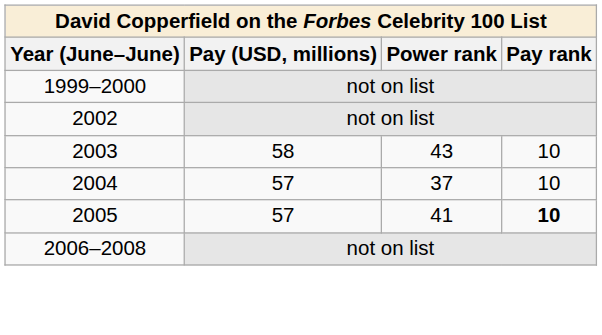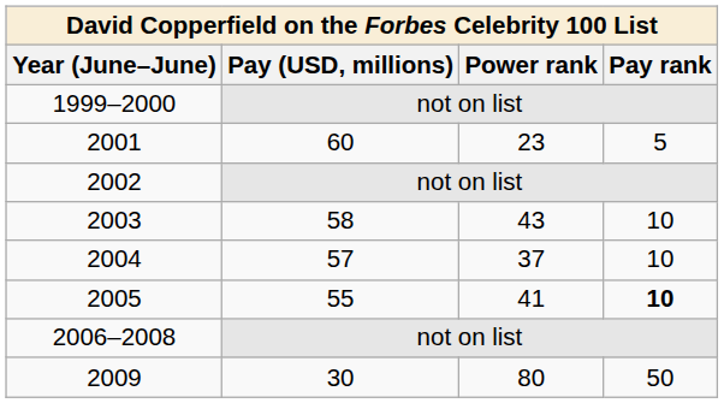 <table class="wikitable" style="float:right; font-family:sans-serif; margin-left:40px;">
 <tr>
 <th colspan=4 style="background:#f9eed7">David Copperfield on the <em>Forbes</em> Celebrity 100 List</th>
 </tr>
 <tr>
 <th>Year (June–June)</th>
 <th>Pay (USD, millions)</th>
 <th>Power rank</th>
 <th>Pay rank</th>
 </tr>
 <tr>
 <td ALIGN=CENTER>1999–2000</td>
 <td colspan=3 style="background:#e6e6e6; text-align:CENTER;">not on list</td>
+</tr>
+<tr>
+<td ALIGN=CENTER>2001</td>
+<td ALIGN=CENTER>60</td>
+<td ALIGN=CENTER>23</td>
+<td ALIGN=CENTER>5</td>
 </tr>
 <tr>
 <td ALIGN=CENTER>2002</td>
 <td colspan=3 style="background:#e6e6e6; text-align:CENTER;">not on list</td>
 </tr>
 <tr>
 <td ALIGN=CENTER>2003</td>
 <td ALIGN=CENTER>58</td>
 <td ALIGN=CENTER>43</td>
 <td ALIGN=CENTER>10</td>
 </tr>
 <tr>
 <td ALIGN=CENTER>2004</td>
 <td ALIGN=CENTER>57</td>
 <td ALIGN=CENTER>37</td>
 <td ALIGN=CENTER>10</td>
 </tr>
 <tr>
 <td ALIGN=CENTER>2005</td>
-<td ALIGN=CENTER>57</td>
+<td ALIGN=CENTER>55</td>
 <td ALIGN=CENTER>41</td>
 <td ALIGN=CENTER><strong>10</strong></td>
 </tr>
 <tr>
 <td ALIGN=CENTER>2006–2008</td>
 <td colspan=3 style="background:#e6e6e6; text-align:CENTER;">not on list</td>
 </tr>
+<tr>
+<td ALIGN=CENTER>2009</td>
+<td ALIGN=CENTER>30</td>
+<td ALIGN=CENTER>80</td>
+<td ALIGN=CENTER>50</td>
+</tr>
 </table>
